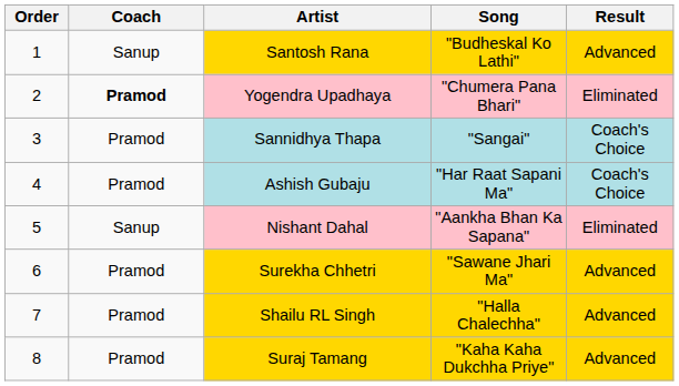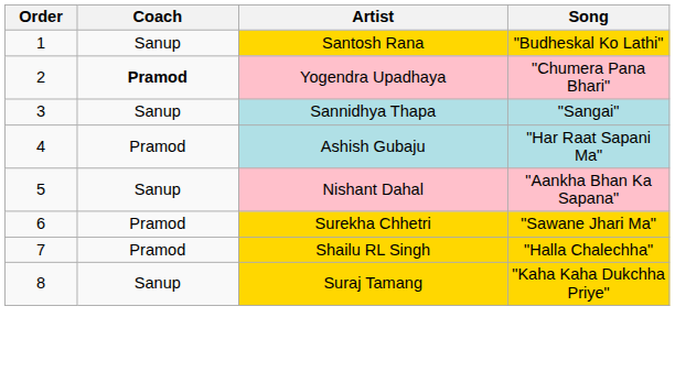 <table class="wikitable plainrowheaders" style="text-align:center; width:75%;">
 <tr>
 <th scope="col" style="width:05%;">Order</th>
 <th scope="col" style="width:15%;">Coach</th>
 <th scope="col" style="width:25%;">Artist</th>
 <th scope="col" style="width:15%;">Song</th>
-<th scope="col" style="width:10%;">Result</th>
 </tr>
 <tr>
 <td>1</td>
 <td>Sanup</td>
 <td style="background:gold">Santosh Rana</td>
 <td style="background:gold">"Budheskal Ko Lathi"</td>
-<td style="background:gold">Advanced</td>
 </tr>
 <tr>
 <td scope="row">2</td>
 <td><strong>Pramod</strong></td>
 <td style="background:pink">Yogendra Upadhaya</td>
 <td style="background:pink">"Chumera Pana Bhari"</td>
-<td style="background:pink">Eliminated</td>
 </tr>
 <tr>
 <td scope="row">3</td>
-<td>Pramod</td>
+<td>Sanup</td>
 <td style="background:#b0e0e6">Sannidhya Thapa</td>
 <td style="background:#b0e0e6">"Sangai"</td>
-<td style="background:#b0e0e6">Coach's Choice</td>
 </tr>
 <tr>
 <td scope="row">4</td>
 <td>Pramod</td>
 <td style="background:#b0e0e6">Ashish Gubaju</td>
 <td style="background:#b0e0e6">"Har Raat Sapani Ma"</td>
-<td style="background:#b0e0e6">Coach's Choice</td>
 </tr>
 <tr>
 <td scope="row" `>5</td>
 <td>Sanup</td>
 <td style="background:pink">Nishant Dahal</td>
 <td style="background:pink">"Aankha Bhan Ka Sapana"</td>
-<td style="background:pink">Eliminated</td>
 </tr>
 <tr>
 <td scope="row">6</td>
 <td>Pramod</td>
 <td style="background:gold">Surekha Chhetri</td>
 <td style="background:gold">"Sawane Jhari Ma"</td>
-<td style="background:gold">Advanced</td>
 </tr>
 <tr>
 <td scope="row">7</td>
 <td>Pramod</td>
 <td style="background:gold">Shailu RL Singh</td>
 <td style="background:gold">"Halla Chalechha"</td>
-<td style="background:gold">Advanced</td>
 </tr>
 <tr>
 <td scope="row">8</td>
-<td>Pramod</td>
+<td>Sanup</td>
 <td style="background:gold">Suraj Tamang</td>
 <td style="background:gold">"Kaha Kaha Dukchha Priye"</td>
-<td style="background:gold">Advanced</td>
 </tr>
 </table>
